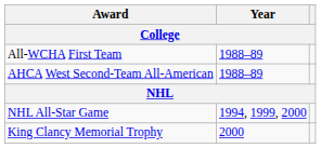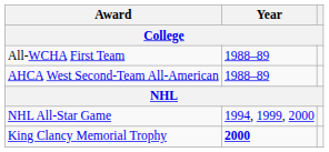 <table class="wikitable">
 <tr>
 <th>Award</th>
 <th>Year</th>
 <th></th>
 </tr>
 <tr>
 <th colspan="3"><a href='#'>College</a></th>
 </tr>
 <tr>
 <td>All-<a href='#'>WCHA</a> <a href='#'>First Team</a></td>
 <td><a href='#'>1988–89</a></td>
 <td></td>
 </tr>
 <tr>
 <td><a href='#'>AHCA</a> <a href='#'>West Second-Team All-American</a></td>
 <td><a href='#'>1988–89</a></td>
 <td></td>
 </tr>
 <tr>
 <th colspan="3"><a href='#'>NHL</a></th>
 </tr>
 <tr>
 <td><a href='#'>NHL All-Star Game</a></td>
 <td><a href='#'>1994</a>, <a href='#'>1999</a>, <a href='#'>2000</a></td>
 <td></td>
 </tr>
 <tr>
 <td><a href='#'>King Clancy Memorial Trophy</a></td>
-<td><a href='#'>2000</a></td>
+<td><strong><a href='#'>2000</a></strong></td>
 <td></td>
 </tr>
 </table>
